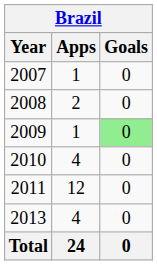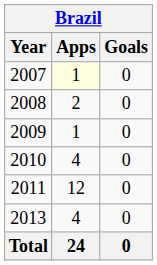 <table class="wikitable" style="text-align:center">
 <tr>
 <th colspan=3><a href='#'>Brazil</a></th>
 </tr>
 <tr>
 <th>Year</th>
 <th>Apps</th>
 <th>Goals</th>
 </tr>
 <tr>
 <td>2007</td>
-<td>1</td>
+<td style="background: lightyellow;">1</td>
 <td>0</td>
 </tr>
 <tr>
 <td>2008</td>
 <td>2</td>
 <td>0</td>
 </tr>
 <tr>
 <td>2009</td>
 <td>1</td>
-<td style="background: lightgreen;">0</td>
+<td>0</td>
 </tr>
 <tr>
 <td>2010</td>
 <td>4</td>
 <td>0</td>
 </tr>
 <tr>
 <td>2011</td>
 <td>12</td>
 <td>0</td>
 </tr>
 <tr>
 <td>2013</td>
 <td>4</td>
 <td>0</td>
 </tr>
 <tr>
 <th>Total</th>
 <th>24</th>
 <th>0</th>
 </tr>
 </table>
